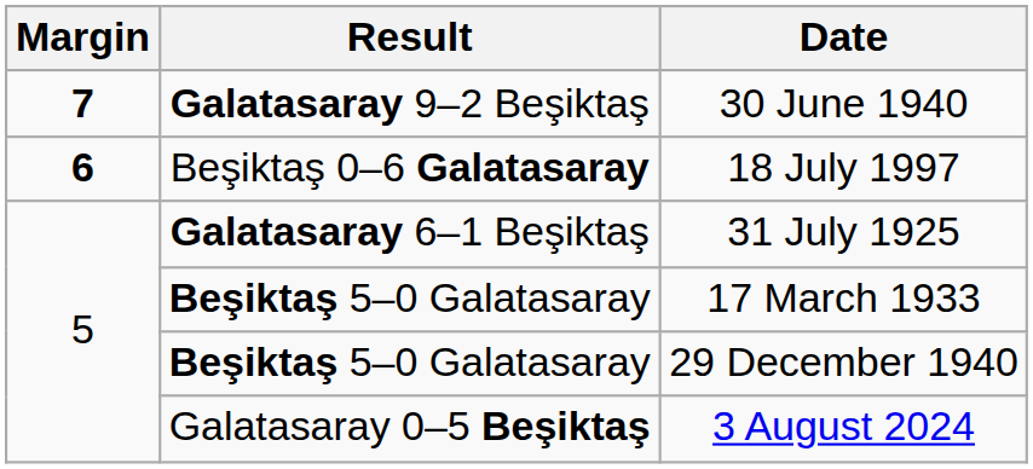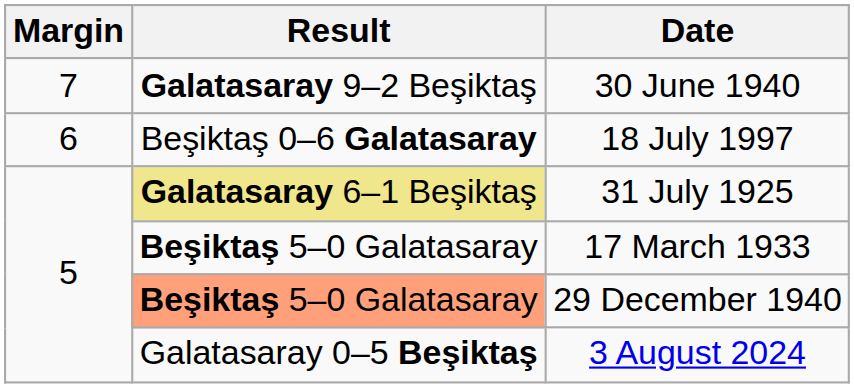 <table class="wikitable" style="text-align:center">
 <tr>
 <th>Margin</th>
 <th>Result</th>
 <th>Date</th>
 </tr>
 <tr>
-<td><strong>7</strong></td>
+<td>7</td>
 <td><strong>Galatasaray</strong> 9–2 Beşiktaş</td>
 <td>30 June 1940</td>
 </tr>
 <tr>
-<td><strong>6</strong></td>
+<td>6</td>
 <td>Beşiktaş 0–6 <strong>Galatasaray</strong></td>
 <td>18 July 1997</td>
 </tr>
 <tr>
 <td rowspan="4">5</td>
-<td><strong>Galatasaray</strong> 6–1 Beşiktaş</td>
+<td style="background: khaki;"><strong>Galatasaray</strong> 6–1 Beşiktaş</td>
 <td>31 July 1925</td>
 </tr>
 <tr>
 <td><strong>Beşiktaş</strong> 5–0 Galatasaray</td>
 <td>17 March 1933</td>
 </tr>
 <tr>
-<td><strong>Beşiktaş</strong> 5–0 Galatasaray</td>
+<td style="background: lightsalmon;"><strong>Beşiktaş</strong> 5–0 Galatasaray</td>
 <td>29 December 1940</td>
 </tr>
 <tr>
 <td>Galatasaray 0–5 <strong>Beşiktaş</strong></td>
 <td><a href='#'>3 August 2024</a></td>
 </tr>
 </table>
